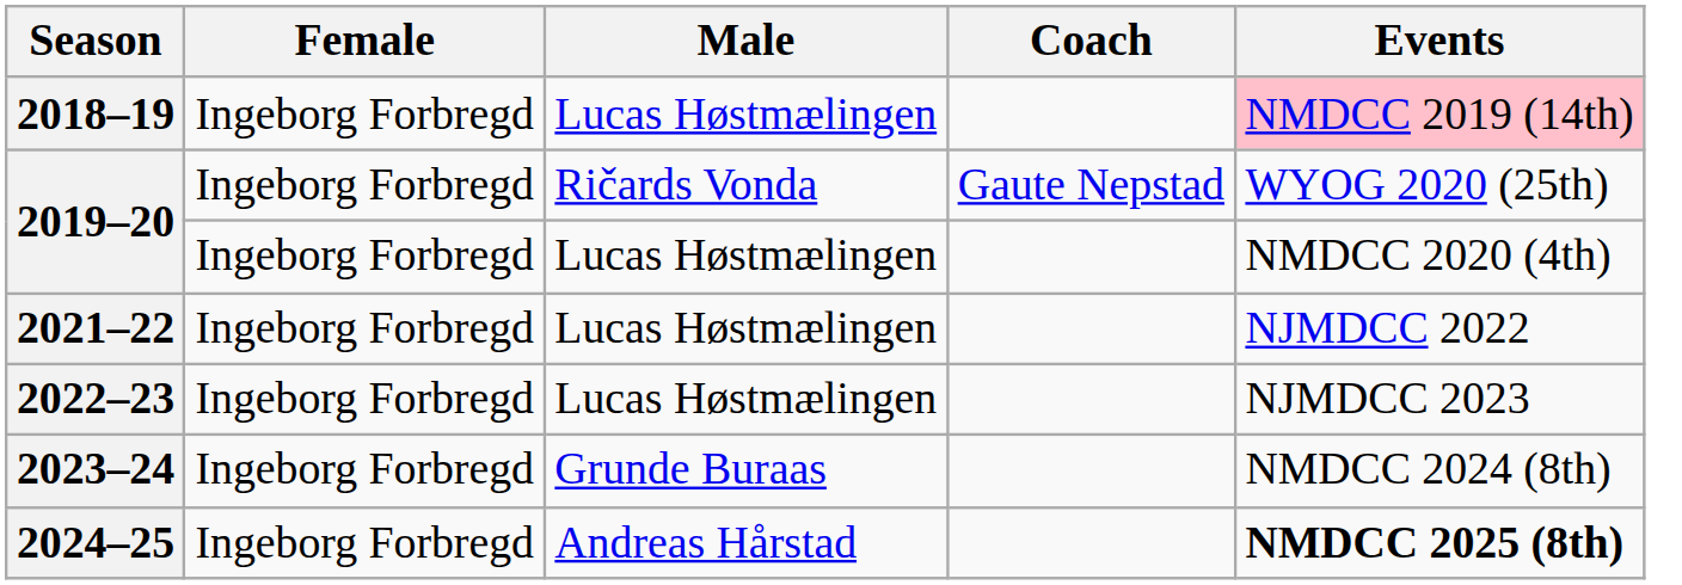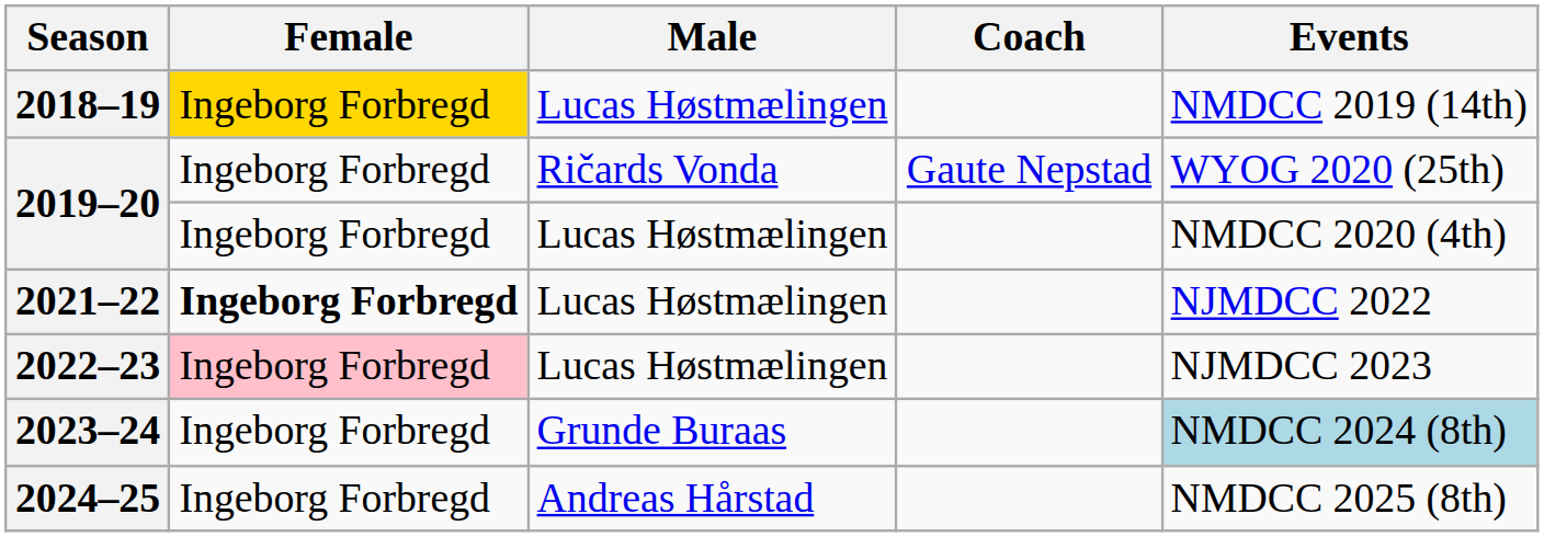 <table class="wikitable">
 <tr>
 <th scope="col">Season</th>
 <th scope="col">Female</th>
 <th scope="col">Male</th>
 <th scope="col">Coach</th>
 <th scope="col">Events</th>
 </tr>
 <tr>
 <th scope="row">2018–19</th>
-<td>Ingeborg Forbregd</td>
+<td style="background: gold;">Ingeborg Forbregd</td>
 <td><a href='#'>Lucas Høstmælingen</a></td>
 <td></td>
-<td style="background: pink;"><a href='#'>NMDCC</a> 2019 (14th)</td>
+<td><a href='#'>NMDCC</a> 2019 (14th)</td>
 </tr>
 <tr>
 <th scope="row" rowspan="2">2019–20</th>
 <td> Ingeborg Forbregd</td>
 <td> <a href='#'>Ričards Vonda</a></td>
 <td><a href='#'>Gaute Nepstad</a></td>
 <td><a href='#'>WYOG 2020</a> (25th)</td>
 </tr>
 <tr>
 <td>Ingeborg Forbregd</td>
 <td>Lucas Høstmælingen</td>
 <td></td>
 <td>NMDCC 2020 (4th)</td>
 </tr>
 <tr>
 <th scope="row">2021–22</th>
-<td>Ingeborg Forbregd</td>
+<td><strong>Ingeborg Forbregd</strong></td>
 <td>Lucas Høstmælingen</td>
 <td></td>
 <td><a href='#'>NJMDCC</a> 2022 </td>
 </tr>
 <tr>
 <th scope="row">2022–23</th>
-<td>Ingeborg Forbregd</td>
+<td style="background: pink;">Ingeborg Forbregd</td>
 <td>Lucas Høstmælingen</td>
 <td></td>
 <td>NJMDCC 2023 </td>
 </tr>
 <tr>
 <th scope="row">2023–24</th>
 <td>Ingeborg Forbregd</td>
 <td><a href='#'>Grunde Buraas</a></td>
 <td></td>
-<td>NMDCC 2024 (8th)</td>
+<td style="background: lightblue;">NMDCC 2024 (8th)</td>
 </tr>
 <tr>
 <th scope="row">2024–25</th>
 <td>Ingeborg Forbregd</td>
 <td><a href='#'>Andreas Hårstad</a></td>
 <td></td>
-<td><strong>NMDCC 2025 (8th)</strong></td>
+<td>NMDCC 2025 (8th)</td>
 </tr>
 </table>
